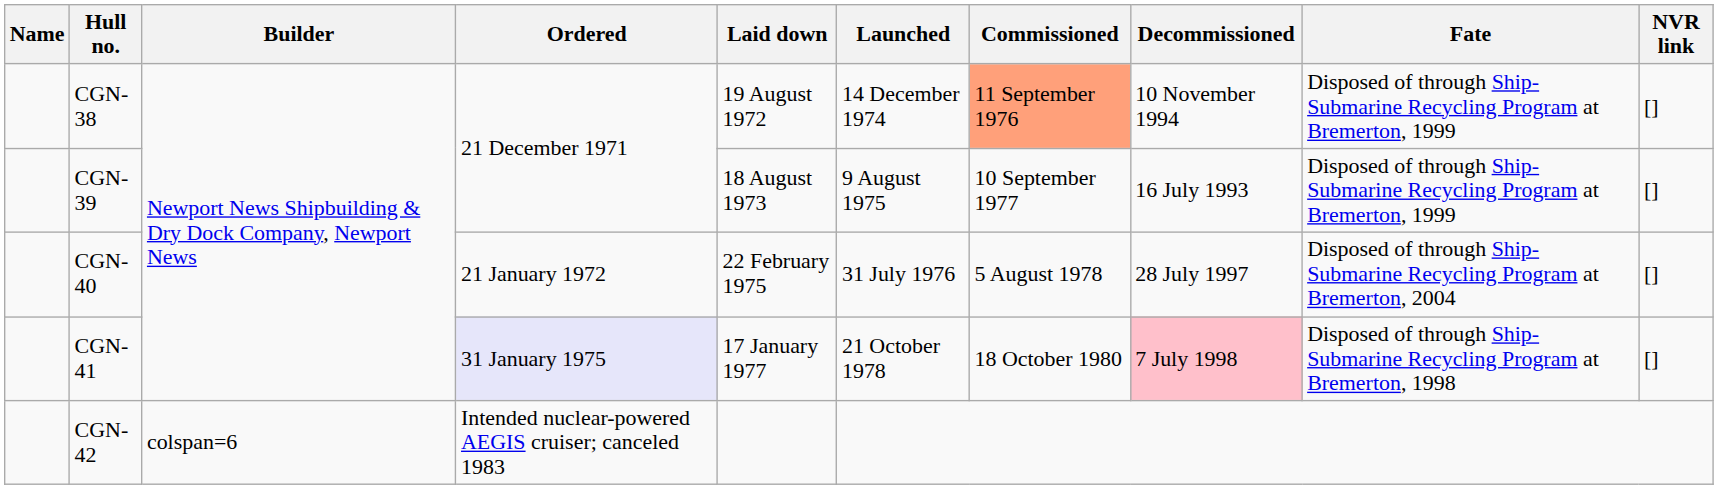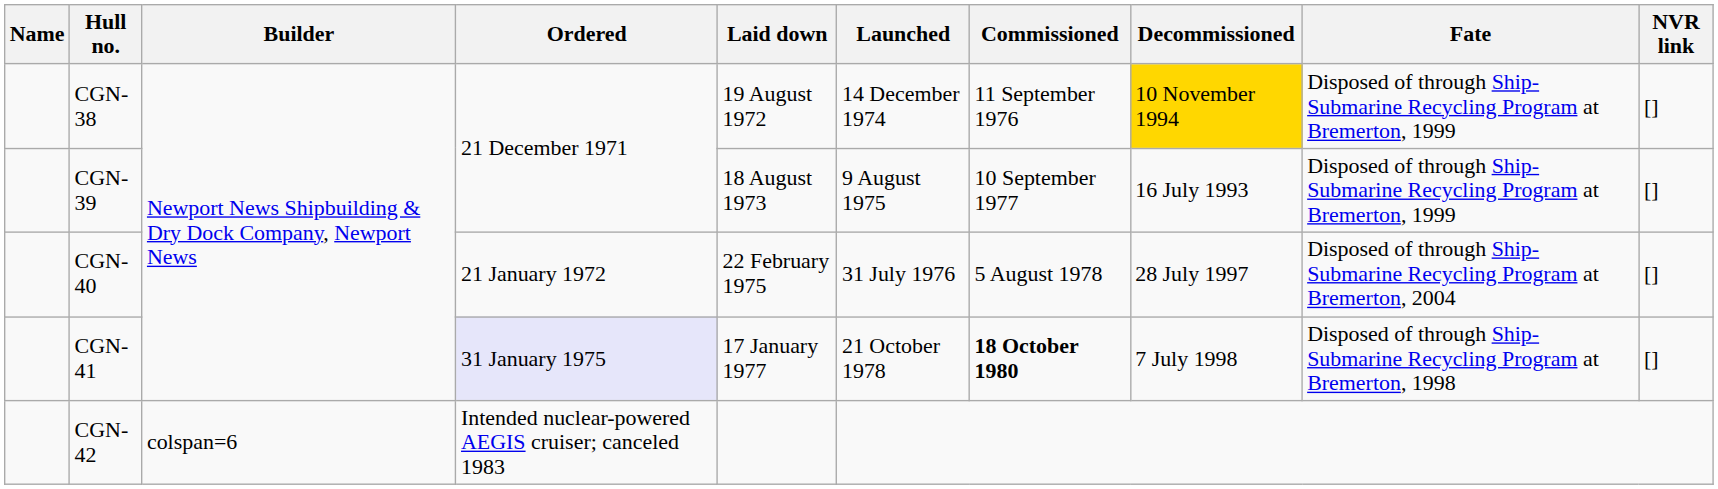 <table class="wikitable">
 <tr>
 <th>Name</th>
 <th>Hull no.</th>
 <th>Builder</th>
 <th>Ordered</th>
 <th>Laid down</th>
 <th>Launched</th>
 <th>Commissioned</th>
 <th>Decommissioned</th>
 <th>Fate</th>
 <th>NVR link</th>
 </tr>
 <tr>
 <td></td>
 <td>CGN-38</td>
 <td rowspan=4><a href='#'>Newport News Shipbuilding & Dry Dock Company</a>, <a href='#'>Newport News</a></td>
 <td rowspan=2>21 December 1971</td>
 <td>19 August 1972</td>
 <td>14 December 1974</td>
-<td style="background: lightsalmon;">11 September 1976</td>
-<td>10 November 1994</td>
+<td>11 September 1976</td>
+<td style="background: gold;">10 November 1994</td>
 <td>Disposed of through <a href='#'>Ship-Submarine Recycling Program</a> at <a href='#'>Bremerton</a>, 1999</td>
 <td>[]</td>
 </tr>
 <tr>
 <td></td>
 <td>CGN-39</td>
 <td>18 August 1973</td>
 <td>9 August 1975</td>
 <td>10 September 1977</td>
 <td>16 July 1993</td>
 <td>Disposed of through <a href='#'>Ship-Submarine Recycling Program</a> at <a href='#'>Bremerton</a>, 1999</td>
 <td>[]</td>
 </tr>
 <tr>
 <td></td>
 <td>CGN-40</td>
 <td>21 January 1972</td>
 <td>22 February 1975</td>
 <td>31 July 1976</td>
 <td>5 August 1978</td>
 <td>28 July 1997</td>
 <td>Disposed of through <a href='#'>Ship-Submarine Recycling Program</a> at <a href='#'>Bremerton</a>, 2004</td>
 <td>[]</td>
 </tr>
 <tr>
 <td></td>
 <td>CGN-41</td>
 <td style="background: lavender;">31 January 1975</td>
 <td>17 January 1977</td>
 <td>21 October 1978</td>
-<td>18 October 1980</td>
-<td style="background: pink;">7 July 1998</td>
+<td><strong>18 October 1980</strong></td>
+<td>7 July 1998</td>
 <td>Disposed of through <a href='#'>Ship-Submarine Recycling Program</a> at <a href='#'>Bremerton</a>, 1998</td>
 <td>[]</td>
 </tr>
 <tr>
 <td></td>
 <td>CGN-42</td>
 <td>colspan=6 </td>
 <td>Intended nuclear-powered <a href='#'>AEGIS</a> cruiser; canceled 1983</td>
 <td></td>
 </tr>
 </table>
